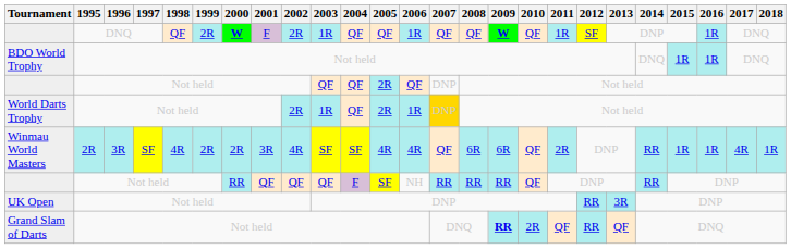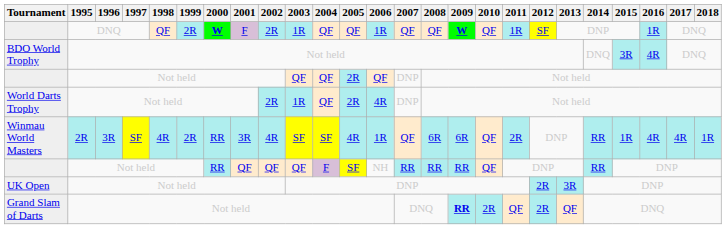 <table class="wikitable" style="width:50%; margin:0">
 <tr>
 <th>Tournament</th>
 <th>1995</th>
 <th>1996</th>
 <th>1997</th>
 <th>1998</th>
 <th>1999</th>
 <th>2000</th>
 <th>2001</th>
 <th>2002</th>
 <th>2003</th>
 <th>2004</th>
 <th>2005</th>
 <th>2006</th>
 <th>2007</th>
 <th>2008</th>
 <th>2009</th>
 <th>2010</th>
 <th>2011</th>
 <th>2012</th>
 <th>2013</th>
 <th>2014</th>
 <th>2015</th>
 <th>2016</th>
 <th>2017</th>
 <th>2018</th>
 </tr>
 <tr>
 <td style="background:#efefef;"></td>
 <td colspan="3" style="text-align:center; color:#ccc;">DNQ</td>
 <td style="text-align:center; background:#ffebcd;"><a href='#'>QF</a></td>
 <td style="text-align:center; background:#afeeee;"><a href='#'>2R</a></td>
 <td style="text-align:center; background:lime;"><strong><a href='#'>W</a></strong></td>
 <td style="text-align:center; background:thistle;"><a href='#'>F</a></td>
 <td style="text-align:center; background:#afeeee;"><a href='#'>2R</a></td>
 <td style="text-align:center; background:#afeeee;"><a href='#'>1R</a></td>
 <td style="text-align:center; background:#ffebcd;"><a href='#'>QF</a></td>
 <td style="text-align:center; background:#ffebcd;"><a href='#'>QF</a></td>
 <td style="text-align:center; background:#afeeee;"><a href='#'>1R</a></td>
 <td style="text-align:center; background:#ffebcd;"><a href='#'>QF</a></td>
 <td style="text-align:center; background:#ffebcd;"><a href='#'>QF</a></td>
 <td style="text-align:center; background:lime;"><strong><a href='#'>W</a></strong></td>
 <td style="text-align:center; background:#ffebcd;"><a href='#'>QF</a></td>
 <td style="text-align:center; background:#afeeee;"><a href='#'>1R</a></td>
 <td style="text-align:center; background:yellow;"><a href='#'>SF</a></td>
 <td colspan="3" style="text-align:center; color:#ccc;">DNP</td>
 <td style="text-align:center; background:#afeeee;"><a href='#'>1R</a></td>
 <td colspan="2" style="text-align:center; color:#ccc;">DNQ</td>
 </tr>
 <tr>
 <td style="background:#efefef;"><a href='#'>BDO World Trophy</a></td>
 <td colspan="19" style="text-align:center; color:#ccc;">Not held</td>
 <td style="text-align:center; color:#ccc;">DNQ</td>
-<td style="text-align:center; background:#afeeee;"><a href='#'>1R</a></td>
-<td style="text-align:center; background:#afeeee;"><a href='#'>1R</a></td>
+<td style="text-align:center; background:#afeeee;"><a href='#'>3R</a></td>
+<td style="text-align:center; background:#afeeee;"><a href='#'>4R</a></td>
 <td colspan="2" style="text-align:center; color:#ccc;">DNQ</td>
 </tr>
 <tr>
 <td style="background:#efefef;"></td>
 <td colspan="8" style="text-align:center; color:#ccc;">Not held</td>
 <td style="text-align:center; background:#ffebcd;"><a href='#'>QF</a></td>
 <td style="text-align:center; background:#ffebcd;"><a href='#'>QF</a></td>
 <td style="text-align:center; background:#afeeee;"><a href='#'>2R</a></td>
 <td style="text-align:center; background:#ffebcd;"><a href='#'>QF</a></td>
 <td style="text-align:center; color:#ccc;">DNP</td>
 <td colspan="11" style="text-align:center; color:#ccc;">Not held</td>
 </tr>
 <tr>
 <td style="background:#efefef;"><a href='#'>World Darts Trophy</a></td>
 <td colspan="7" style="text-align:center; color:#ccc;">Not held</td>
 <td style="text-align:center; background:#afeeee;"><a href='#'>2R</a></td>
 <td style="text-align:center; background:#afeeee;"><a href='#'>1R</a></td>
 <td style="text-align:center; background:#ffebcd;"><a href='#'>QF</a></td>
 <td style="text-align:center; background:#afeeee;"><a href='#'>2R</a></td>
-<td style="text-align:center; background:#afeeee;"><a href='#'>1R</a></td>
-<td style="background: gold; text-align:center; color:#ccc;">DNP</td>
+<td style="text-align:center; background:#afeeee;"><a href='#'>4R</a></td>
+<td style="text-align:center; color:#ccc;">DNP</td>
 <td colspan="11" style="text-align:center; color:#ccc;">Not held</td>
 </tr>
 <tr>
 <td style="background:#efefef;"><a href='#'>Winmau World Masters</a></td>
 <td style="text-align:center; background:#afeeee;"><a href='#'>2R</a></td>
 <td style="text-align:center; background:#afeeee;"><a href='#'>3R</a></td>
 <td style="text-align:center; background:yellow;"><a href='#'>SF</a></td>
 <td style="text-align:center; background:#afeeee;"><a href='#'>4R</a></td>
 <td style="text-align:center; background:#afeeee;"><a href='#'>2R</a></td>
-<td style="text-align:center; background:#afeeee;"><a href='#'>2R</a></td>
+<td style="text-align:center; background:#afeeee;"><a href='#'>RR</a></td>
 <td style="text-align:center; background:#afeeee;"><a href='#'>3R</a></td>
 <td style="text-align:center; background:#afeeee;"><a href='#'>4R</a></td>
 <td style="text-align:center; background:yellow;"><a href='#'>SF</a></td>
 <td style="text-align:center; background:yellow;"><a href='#'>SF</a></td>
 <td style="text-align:center; background:#afeeee;"><a href='#'>4R</a></td>
-<td style="text-align:center; background:#afeeee;"><a href='#'>4R</a></td>
+<td style="text-align:center; background:#afeeee;"><a href='#'>1R</a></td>
 <td style="text-align:center; background:#ffebcd;"><a href='#'>QF</a></td>
 <td style="text-align:center; background:#afeeee;"><a href='#'>6R</a></td>
 <td style="text-align:center; background:#afeeee;"><a href='#'>6R</a></td>
 <td style="text-align:center; background:#ffebcd;"><a href='#'>QF</a></td>
 <td style="text-align:center; background:#afeeee;"><a href='#'>2R</a></td>
 <td colspan="2" style="text-align:center; color:#ccc;">DNP</td>
 <td style="text-align:center; background:#afeeee;"><a href='#'>RR</a></td>
 <td style="text-align:center; background:#afeeee;"><a href='#'>1R</a></td>
-<td style="text-align:center; background:#afeeee;"><a href='#'>1R</a></td>
+<td style="text-align:center; background:#afeeee;"><a href='#'>4R</a></td>
 <td style="text-align:center; background:#afeeee;"><a href='#'>4R</a></td>
 <td style="text-align:center; background:#afeeee;"><a href='#'>1R</a></td>
 </tr>
 <tr>
 <td style="background:#efefef;"></td>
 <td colspan="5" style="text-align:center; color:#ccc;">Not held</td>
 <td style="text-align:center; background:#afeeee;"><a href='#'>RR</a></td>
 <td style="text-align:center; background:#ffebcd;"><a href='#'>QF</a></td>
 <td style="text-align:center; background:#ffebcd;"><a href='#'>QF</a></td>
 <td style="text-align:center; background:#ffebcd;"><a href='#'>QF</a></td>
 <td style="text-align:center; background:thistle;"><a href='#'>F</a></td>
 <td style="text-align:center; background:yellow;"><a href='#'>SF</a></td>
 <td style="text-align:center; color:#ccc;">NH</td>
 <td style="text-align:center; background:#afeeee;"><a href='#'>RR</a></td>
 <td style="text-align:center; background:#afeeee;"><a href='#'>RR</a></td>
 <td style="text-align:center; background:#afeeee;"><a href='#'>RR</a></td>
 <td style="text-align:center; background:#ffebcd;"><a href='#'>QF</a></td>
 <td colspan="3" style="text-align:center; color:#ccc;">DNP</td>
 <td style="text-align:center; background:#afeeee;"><a href='#'>RR</a></td>
 <td colspan="4" style="text-align:center; color:#ccc;">DNP</td>
 </tr>
 <tr>
 <td style="background:#efefef;"><a href='#'>UK Open</a></td>
 <td colspan="8" style="text-align:center; color:#ccc;">Not held</td>
 <td colspan="9" style="text-align:center; color:#ccc;">DNP</td>
-<td style="text-align:center; background:#afeeee;"><a href='#'>RR</a></td>
+<td style="text-align:center; background:#afeeee;"><a href='#'>2R</a></td>
 <td style="text-align:center; background:#afeeee;"><a href='#'>3R</a></td>
 <td colspan="5" style="text-align:center; color:#ccc;">DNP</td>
 </tr>
 <tr>
 <td style="background:#efefef;"><a href='#'>Grand Slam of Darts</a></td>
 <td colspan="12" style="text-align:center; color:#ccc;">Not held</td>
 <td colspan="2" style="text-align:center; color:#ccc;">DNQ</td>
 <td style="text-align:center; background:#afeeee;"><strong><a href='#'>RR</a></strong></td>
 <td style="text-align:center; background:#afeeee;"><a href='#'>2R</a></td>
 <td style="text-align:center; background:#ffebcd;"><a href='#'>QF</a></td>
-<td style="text-align:center; background:#afeeee;"><a href='#'>RR</a></td>
+<td style="text-align:center; background:#afeeee;"><a href='#'>2R</a></td>
 <td style="text-align:center; background:#ffebcd;"><a href='#'>QF</a></td>
 <td colspan="5" style="text-align:center; color:#ccc;">DNQ</td>
 </tr>
 </table>
